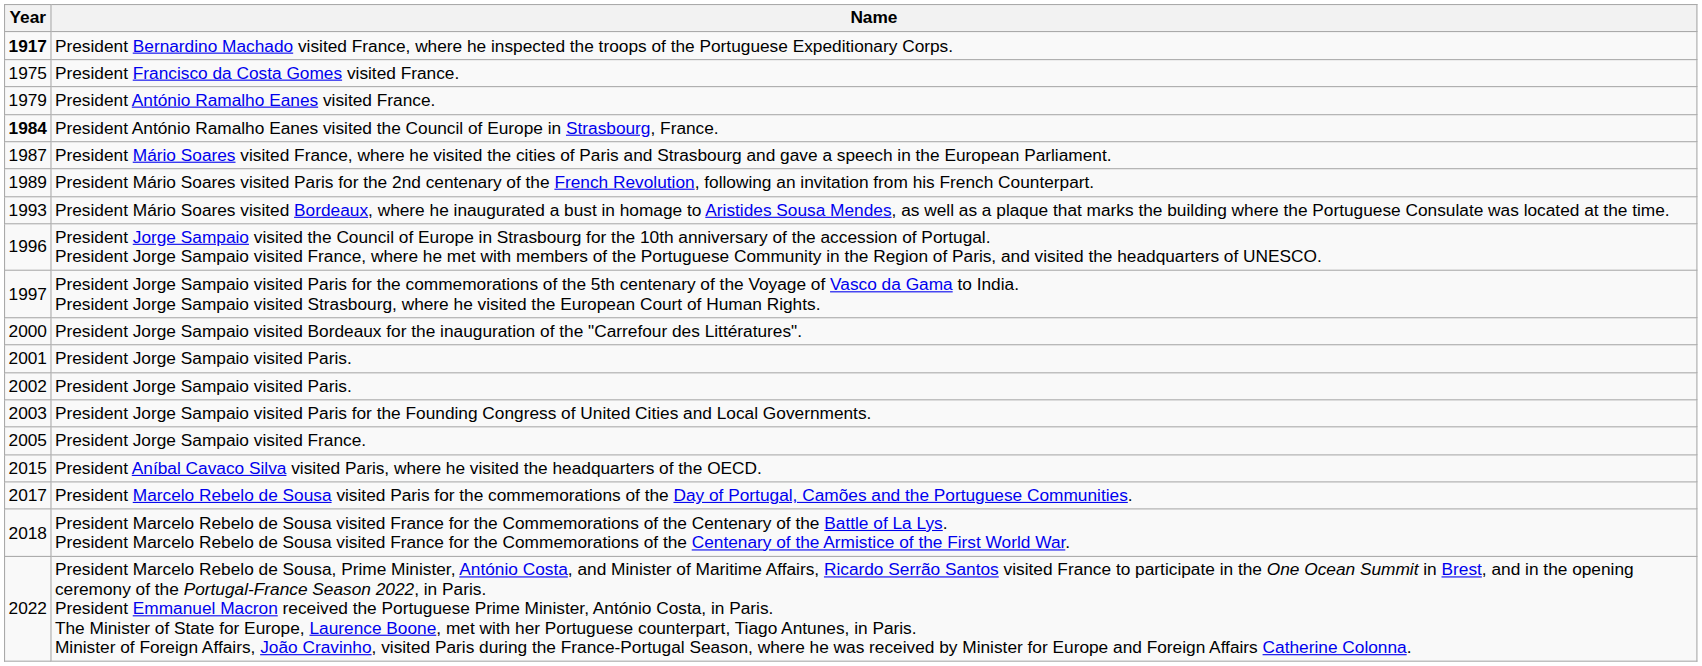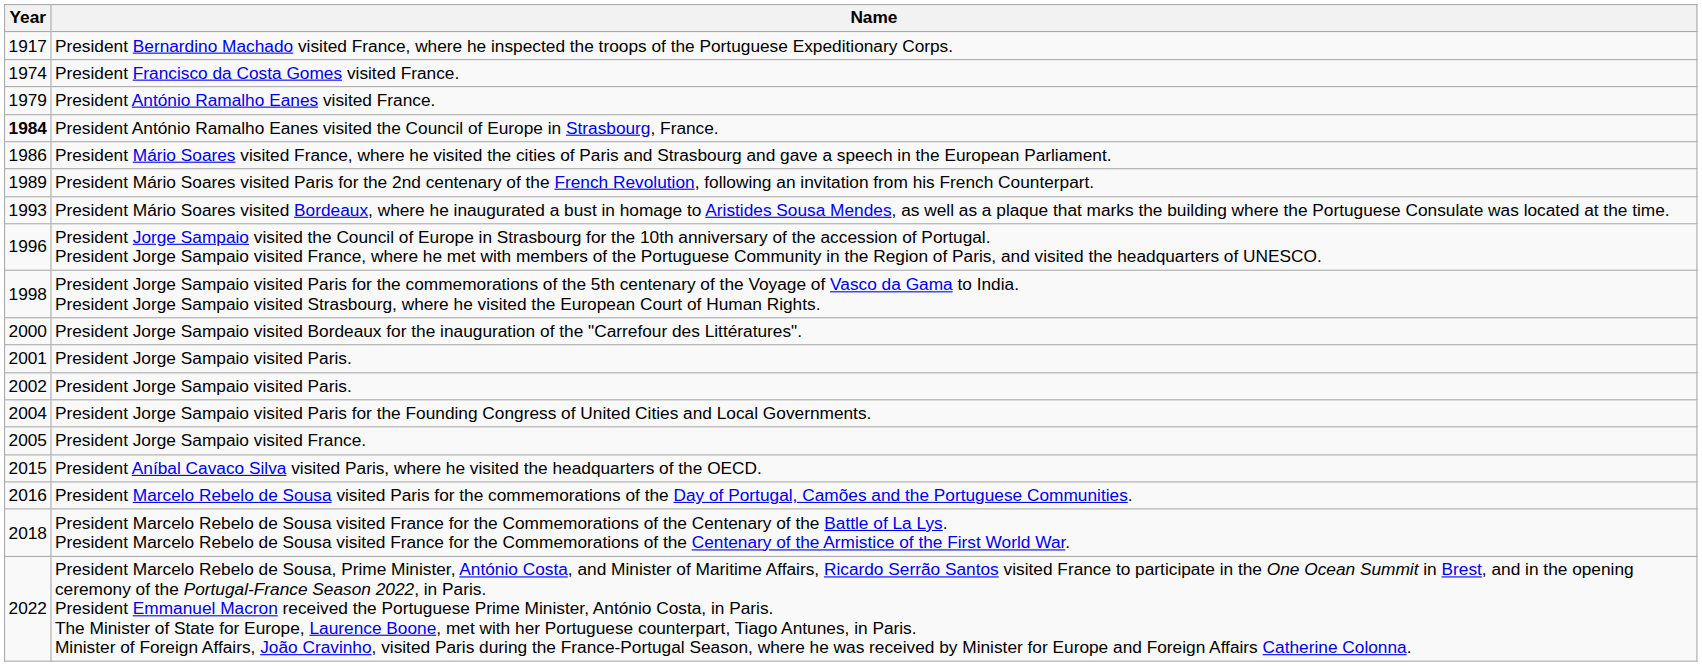 <table class="wikitable">
 <tr>
 <th>Year</th>
 <th>Name</th>
 </tr>
 <tr>
-<td><strong>1917</strong></td>
+<td>1917</td>
 <td>President <a href='#'>Bernardino Machado</a> visited France, where he inspected the troops of the Portuguese Expeditionary Corps.</td>
 </tr>
 <tr>
-<td>1975</td>
+<td>1974</td>
 <td>President <a href='#'>Francisco da Costa Gomes</a> visited France.</td>
 </tr>
 <tr>
 <td>1979</td>
 <td>President <a href='#'>António Ramalho Eanes</a> visited France.</td>
 </tr>
 <tr>
 <td><strong>1984</strong></td>
 <td>President António Ramalho Eanes visited the Council of Europe in <a href='#'>Strasbourg</a>, France.</td>
 </tr>
 <tr>
-<td>1987</td>
+<td>1986</td>
 <td>President <a href='#'>Mário Soares</a> visited France, where he visited the cities of Paris and Strasbourg and gave a speech in the European Parliament.</td>
 </tr>
 <tr>
 <td>1989</td>
 <td>President Mário Soares visited Paris for the 2nd centenary of the <a href='#'>French Revolution</a>, following an invitation from his French Counterpart.</td>
 </tr>
 <tr>
 <td>1993</td>
 <td>President Mário Soares visited <a href='#'>Bordeaux</a>, where he inaugurated a bust in homage to <a href='#'>Aristides Sousa Mendes</a>, as well as a plaque that marks the building where the Portuguese Consulate was located at the time.</td>
 </tr>
 <tr>
 <td>1996</td>
 <td>President <a href='#'>Jorge Sampaio</a> visited the Council of Europe in Strasbourg for the 10th anniversary of the accession of Portugal.<br>President Jorge Sampaio visited France, where he met with members of the Portuguese Community in the Region of Paris, and visited the headquarters of UNESCO.</td>
 </tr>
 <tr>
-<td>1997</td>
+<td>1998</td>
 <td>President Jorge Sampaio visited Paris for the commemorations of the 5th centenary of the Voyage of <a href='#'>Vasco da Gama</a> to India.<br>President Jorge Sampaio visited Strasbourg, where he visited the European Court of Human Rights.</td>
 </tr>
 <tr>
 <td>2000</td>
 <td>President Jorge Sampaio visited Bordeaux for the inauguration of the "Carrefour des Littératures".</td>
 </tr>
 <tr>
 <td>2001</td>
 <td>President Jorge Sampaio visited Paris.</td>
 </tr>
 <tr>
 <td>2002</td>
 <td>President Jorge Sampaio visited Paris.</td>
 </tr>
 <tr>
-<td>2003</td>
+<td>2004</td>
 <td>President Jorge Sampaio visited Paris for the Founding Congress of United Cities and Local Governments.</td>
 </tr>
 <tr>
 <td>2005</td>
 <td>President Jorge Sampaio visited France.</td>
 </tr>
 <tr>
 <td>2015</td>
 <td>President <a href='#'>Aníbal Cavaco Silva</a> visited Paris, where he visited the headquarters of the OECD.</td>
 </tr>
 <tr>
-<td>2017</td>
+<td>2016</td>
 <td>President <a href='#'>Marcelo Rebelo de Sousa</a> visited Paris for the commemorations of the <a href='#'>Day of Portugal, Camões and the Portuguese Communities</a>.</td>
 </tr>
 <tr>
 <td>2018</td>
 <td>President Marcelo Rebelo de Sousa visited France for the Commemorations of the Centenary of the <a href='#'>Battle of La Lys</a>.<br>President Marcelo Rebelo de Sousa visited France for the Commemorations of the <a href='#'>Centenary of the Armistice of the First World War</a>.</td>
 </tr>
 <tr>
 <td>2022</td>
 <td>President Marcelo Rebelo de Sousa, Prime Minister, <a href='#'>António Costa</a>, and Minister of Maritime Affairs, <a href='#'>Ricardo Serrão Santos</a> visited France to participate in the <em>One Ocean Summit</em> in <a href='#'>Brest</a>, and in the opening ceremony of the <em>Portugal-France Season 2022</em>, in Paris.<br>President <a href='#'>Emmanuel Macron</a> received the Portuguese Prime Minister, António Costa, in Paris.<br>The Minister of State for Europe, <a href='#'>Laurence Boone</a>, met with her Portuguese counterpart, Tiago Antunes, in Paris.<br>Minister of Foreign Affairs, <a href='#'>João Cravinho</a>, visited Paris during the France-Portugal Season, where he was received by Minister for Europe and Foreign Affairs <a href='#'>Catherine Colonna</a>.</td>
 </tr>
 </table>
